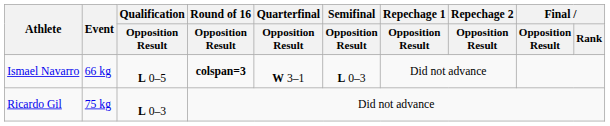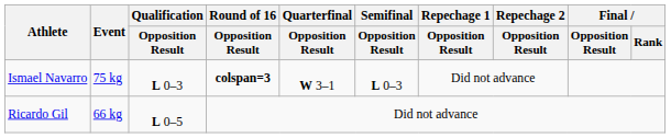 <table class="wikitable" style="font-size:90%">
 <tr>
 <th rowspan="2">Athlete</th>
 <th rowspan="2">Event</th>
 <th>Qualification</th>
 <th>Round of 16</th>
 <th>Quarterfinal</th>
 <th>Semifinal</th>
 <th>Repechage 1</th>
 <th>Repechage 2</th>
 <th colspan=2>Final / </th>
 </tr>
 <tr style="font-size: 95%">
 <th>Opposition<br>Result</th>
 <th>Opposition<br>Result</th>
 <th>Opposition<br>Result</th>
 <th>Opposition<br>Result</th>
 <th>Opposition<br>Result</th>
 <th>Opposition<br>Result</th>
 <th>Opposition<br>Result</th>
 <th>Rank</th>
 </tr>
 <tr align=center>
 <td align=left><a href='#'>Ismael Navarro</a></td>
-<td align=left><a href='#'>66 kg</a></td>
-<td><br><strong>L</strong> 0–5</td>
+<td align=left><a href='#'>75 kg</a></td>
+<td><br><strong>L</strong> 0–3</td>
 <td><strong>colspan=3 </strong></td>
 <td><br><strong>W</strong> 3–1</td>
 <td><br><strong>L</strong> 0–3</td>
 <td colspan=2>Did not advance</td>
 </tr>
 <tr align=center>
 <td align=left><a href='#'>Ricardo Gil</a></td>
-<td align=left><a href='#'>75 kg</a></td>
-<td><br><strong>L</strong> 0–3</td>
+<td align=left><a href='#'>66 kg</a></td>
+<td><br><strong>L</strong> 0–5</td>
 <td colspan=7>Did not advance</td>
 </tr>
 </table>
